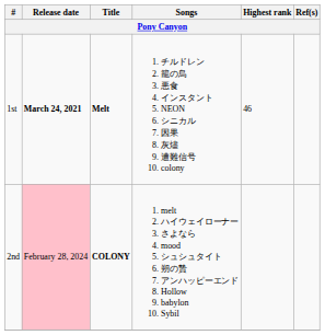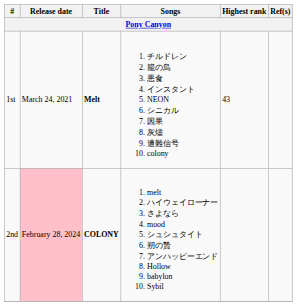 <table class="wikitable" style="font-size:small">
 <tr>
 <th>#</th>
 <th>Release date</th>
 <th>Title</th>
 <th>Songs</th>
 <th>Highest rank</th>
 <th>Ref(s)</th>
 </tr>
 <tr>
 <th colspan="6"><a href='#'>Pony Canyon</a></th>
 </tr>
 <tr>
 <td>1st</td>
-<td><strong>March 24, 2021</strong></td>
+<td>March 24, 2021</td>
 <td><strong>Melt</strong></td>
 <td><br><ol><li>チルドレン</li><li>籠の鳥</li><li>悪食</li><li>インスタント</li><li>NEON</li><li>シニカル</li><li>因果</li><li>灰燼</li><li>遭難信号</li><li>colony</li></ol></td>
-<td>46</td>
+<td>43</td>
 <td></td>
 </tr>
 <tr>
 <td>2nd</td>
 <td style="background: pink;">February 28, 2024</td>
 <td><strong>COLONY</strong></td>
 <td><br><ol><li>melt</li><li>ハイウェイローナー</li><li>さよなら</li><li>mood</li><li>シュシュタイト</li><li>朔の贄</li><li>アンハッピーエンド</li><li>Hollow</li><li>babylon</li><li>Sybil</li></ol></td>
 <td></td>
 <td></td>
 </tr>
 <tr>
 </tr>
 </table>
